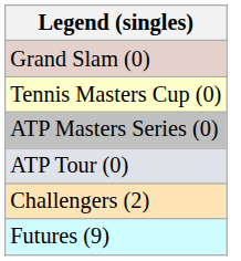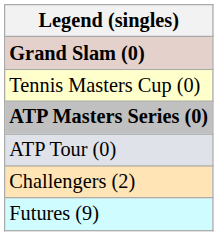 <table class="wikitable">
 <tr>
 <th>Legend (singles)</th>
 </tr>
 <tr bgcolor="#e5d1cb">
-<td>Grand Slam (0)</td>
+<td><strong>Grand Slam (0)</strong></td>
 </tr>
 <tr bgcolor="ffffcc">
 <td>Tennis Masters Cup (0)</td>
 </tr>
 <tr bgcolor="silver">
-<td>ATP Masters Series (0)</td>
+<td><strong>ATP Masters Series (0)</strong></td>
 </tr>
 <tr bgcolor="#dfe2e9">
 <td>ATP Tour (0)</td>
 </tr>
 <tr bgcolor="moccasin">
 <td>Challengers (2)</td>
 </tr>
 <tr bgcolor="CFFCFF">
 <td>Futures (9)</td>
 </tr>
 </table>
